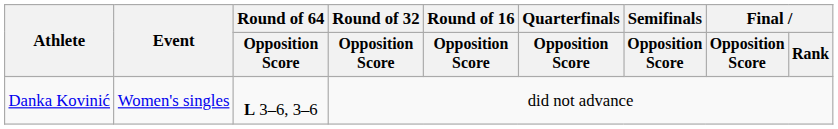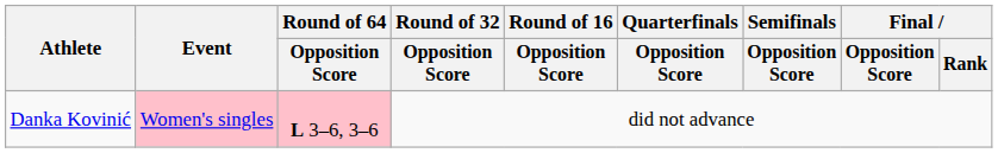 <table class=wikitable style="font-size:90%">
 <tr>
 <th rowspan="2">Athlete</th>
 <th rowspan="2">Event</th>
 <th>Round of 64</th>
 <th>Round of 32</th>
 <th>Round of 16</th>
 <th>Quarterfinals</th>
 <th>Semifinals</th>
 <th colspan=2>Final / </th>
 </tr>
 <tr style="font-size:95%">
 <th>Opposition<br>Score</th>
 <th>Opposition<br>Score</th>
 <th>Opposition<br>Score</th>
 <th>Opposition<br>Score</th>
 <th>Opposition<br>Score</th>
 <th>Opposition<br>Score</th>
 <th>Rank</th>
 </tr>
 <tr align=center>
 <td align=left><a href='#'>Danka Kovinić</a></td>
-<td align=left><a href='#'>Women's singles</a></td>
-<td><br><strong>L</strong> 3–6, 3–6</td>
+<td align=left style="background: pink;"><a href='#'>Women's singles</a></td>
+<td style="background: pink;"><br><strong>L</strong> 3–6, 3–6</td>
 <td colspan=6>did not advance</td>
 </tr>
 </table>
